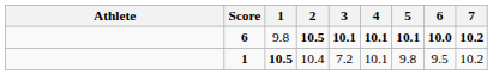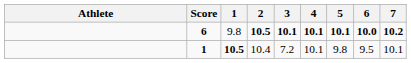 <table class="wikitable" style="text-align:center">
 <tr>
 <th width=250>Athlete</th>
 <th width=40>Score</th>
 <th width=30>1</th>
 <th width=30>2</th>
 <th width=30>3</th>
 <th width=30>4</th>
 <th width=30>5</th>
 <th width=30>6</th>
 <th width=30>7</th>
 </tr>
 <tr>
 <td align=left></td>
 <td><strong>6</strong></td>
 <td>9.8</td>
 <td><strong>10.5</strong></td>
 <td><strong>10.1</strong></td>
 <td><strong>10.1</strong></td>
 <td><strong>10.1</strong></td>
 <td><strong>10.0</strong></td>
 <td><strong>10.2</strong></td>
 </tr>
 <tr>
 <td align=left></td>
 <td><strong>1</strong></td>
 <td><strong>10.5</strong></td>
 <td>10.4</td>
 <td>7.2</td>
 <td>10.1</td>
 <td>9.8</td>
 <td>9.5</td>
-<td>10.2</td>
+<td>10.1</td>
 </tr>
 </table>
